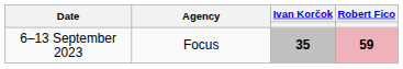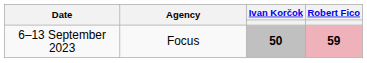 <table class="wikitable" style="text-align:center;">
 <tr style="font-size:80%;">
 <th style="width:150px;" rowspan="2">Date</th>
 <th style="width:165px;" rowspan="2">Agency</th>
 <th><a href='#'>Ivan Korčok</a></th>
 <th><a href='#'>Robert Fico</a></th>
 </tr>
 <tr>
 <th style="background:"></th>
 <th style="background:"></th>
 </tr>
 <tr>
 <td>6–13 September 2023</td>
 <td>Focus</td>
-<td style="background:#C0C0C0;"><strong>35</strong></td>
+<td style="background:#C0C0C0;"><strong>50</strong></td>
 <td style="background:#F0B2BA;"><strong>59</strong></td>
 </tr>
 </table>
